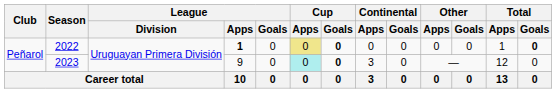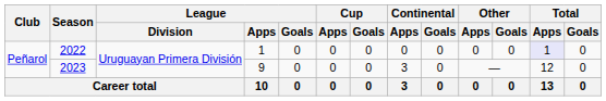 <table class="wikitable" Style="text-align: center">
 <tr>
 <th rowspan="2">Club</th>
 <th rowspan="2">Season</th>
 <th colspan="3">League</th>
 <th colspan="2">Cup</th>
 <th colspan="2">Continental</th>
 <th colspan="2">Other</th>
 <th colspan="2">Total</th>
 </tr>
 <tr>
 <th>Division</th>
 <th>Apps</th>
 <th>Goals</th>
 <th>Apps</th>
 <th>Goals</th>
 <th>Apps</th>
 <th>Goals</th>
 <th>Apps</th>
 <th>Goals</th>
 <th>Apps</th>
 <th>Goals</th>
 </tr>
 <tr>
 <td rowspan="2"><a href='#'>Peñarol</a></td>
 <td><a href='#'>2022</a></td>
 <td rowspan="2"><a href='#'>Uruguayan Primera División</a></td>
-<td><strong>1</strong></td>
-<td>0</td>
-<td style="background: khaki;">0</td>
-<td><strong>0</strong></td>
+<td>1</td>
 <td>0</td>
 <td>0</td>
 <td>0</td>
 <td>0</td>
-<td>1</td>
-<td><strong>0</strong></td>
+<td>0</td>
+<td>0</td>
+<td>0</td>
+<td style="background: lavender;">1</td>
+<td>0</td>
 </tr>
 <tr>
 <td><a href='#'>2023</a></td>
 <td>9</td>
 <td>0</td>
-<td style="background: paleturquoise;">0</td>
-<td><strong>0</strong></td>
+<td>0</td>
+<td>0</td>
 <td>3</td>
 <td>0</td>
 <td colspan="2">—</td>
 <td>12</td>
 <td>0</td>
 </tr>
 <tr>
 <th colspan="3">Career total</th>
 <th>10</th>
 <th>0</th>
 <th>0</th>
 <th>0</th>
 <th>3</th>
 <th>0</th>
 <th>0</th>
 <th>0</th>
 <th>13</th>
 <th>0</th>
 </tr>
 </table>
